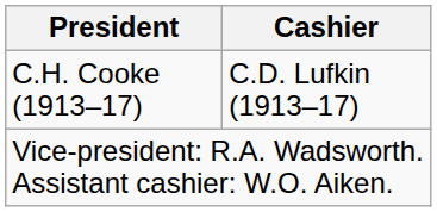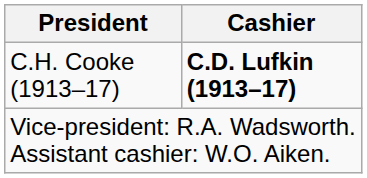 <table class="wikitable" style="display:inline-table;">
 <tr>
 <th scope="col">President</th>
 <th scope="col">Cashier</th>
 </tr>
 <tr>
 <td scope="row">C.H. Cooke<br>(1913–17)</td>
-<td>C.D. Lufkin<br>(1913–17)</td>
+<td><strong>C.D. Lufkin<br>(1913–17)</strong></td>
 </tr>
 <tr>
 <td colspan="2">Vice-president: R.A. Wadsworth. <br>Assistant cashier: W.O. Aiken.</td>
 </tr>
 </table>
